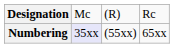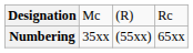 <table class="wikitable">
 <tr>
 <th>Designation</th>
 <td>Mc</td>
 <td>(R)</td>
 <td>Rc</td>
 </tr>
 <tr>
 <th>Numbering</th>
-<td style="background: lavender;">35xx</td>
+<td>35xx</td>
 <td>(55xx)</td>
 <td>65xx</td>
 </tr>
 </table>
